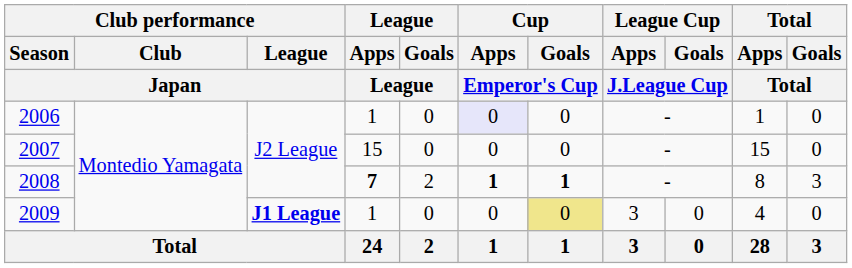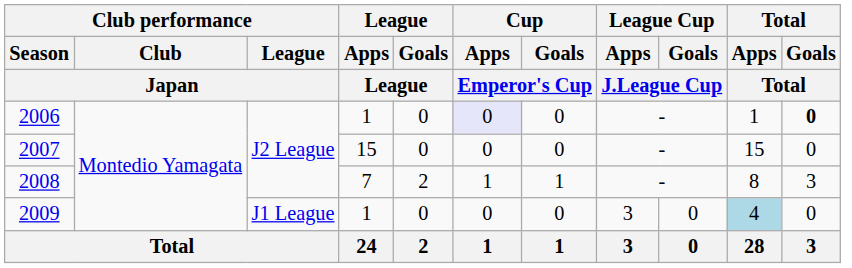 <table class="wikitable" style="text-align:center;">
 <tr>
 <th colspan=3>Club performance</th>
 <th colspan=2>League</th>
 <th colspan=2>Cup</th>
 <th colspan=2>League Cup</th>
 <th colspan=2>Total</th>
 </tr>
 <tr>
 <th>Season</th>
 <th>Club</th>
 <th>League</th>
 <th>Apps</th>
 <th>Goals</th>
 <th>Apps</th>
 <th>Goals</th>
 <th>Apps</th>
 <th>Goals</th>
 <th>Apps</th>
 <th>Goals</th>
 </tr>
 <tr>
 <th colspan=3>Japan</th>
 <th colspan=2>League</th>
 <th colspan=2><a href='#'>Emperor's Cup</a></th>
 <th colspan=2><a href='#'>J.League Cup</a></th>
 <th colspan=2>Total</th>
 </tr>
 <tr>
 <td><a href='#'>2006</a></td>
 <td rowspan="4"><a href='#'>Montedio Yamagata</a></td>
 <td rowspan="3"><a href='#'>J2 League</a></td>
 <td>1</td>
 <td>0</td>
 <td style="background: lavender;">0</td>
 <td>0</td>
 <td colspan="2">-</td>
 <td>1</td>
-<td>0</td>
+<td><strong>0</strong></td>
 </tr>
 <tr>
 <td><a href='#'>2007</a></td>
 <td>15</td>
 <td>0</td>
 <td>0</td>
 <td>0</td>
 <td colspan="2">-</td>
 <td>15</td>
 <td>0</td>
 </tr>
 <tr>
 <td><a href='#'>2008</a></td>
-<td><strong>7</strong></td>
+<td>7</td>
 <td>2</td>
-<td><strong>1</strong></td>
-<td><strong>1</strong></td>
+<td>1</td>
+<td>1</td>
 <td colspan="2">-</td>
 <td>8</td>
 <td>3</td>
 </tr>
 <tr>
 <td><a href='#'>2009</a></td>
-<td><strong><a href='#'>J1 League</a></strong></td>
+<td><a href='#'>J1 League</a></td>
 <td>1</td>
 <td>0</td>
 <td>0</td>
-<td style="background: khaki;">0</td>
+<td>0</td>
 <td>3</td>
 <td>0</td>
-<td>4</td>
+<td style="background: lightblue;">4</td>
 <td>0</td>
 </tr>
 <tr>
 <th colspan=3>Total</th>
 <th>24</th>
 <th>2</th>
 <th>1</th>
 <th>1</th>
 <th>3</th>
 <th>0</th>
 <th>28</th>
 <th>3</th>
 </tr>
 </table>
